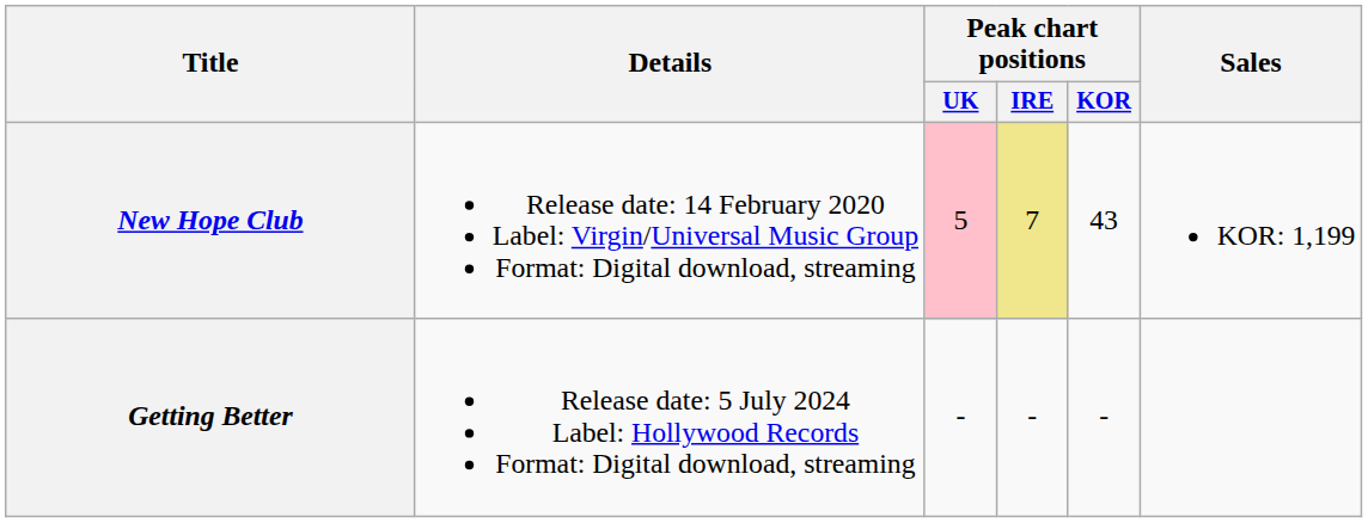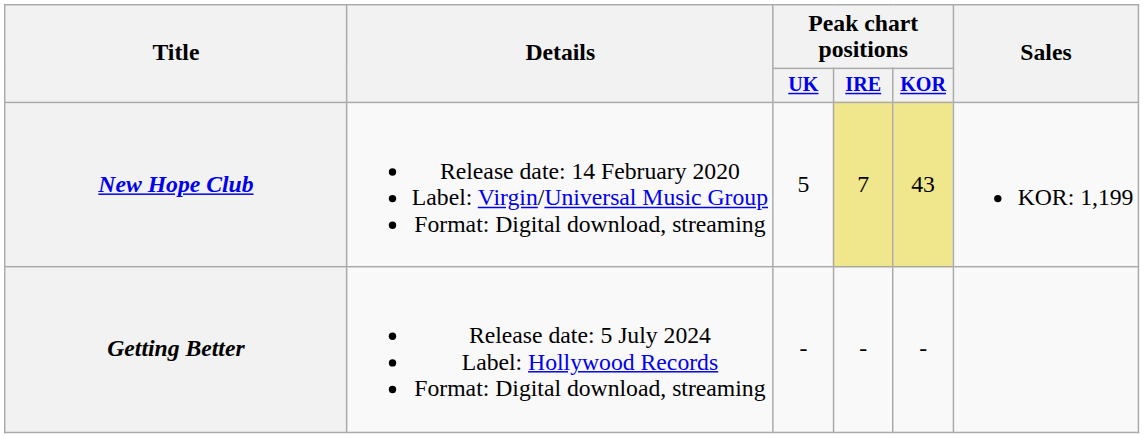 <table class="wikitable plainrowheaders" style="text-align:center;">
 <tr>
 <th scope="col" rowspan="2" style="width:14em;">Title</th>
 <th scope="col" rowspan="2">Details</th>
 <th scope="col" colspan="3">Peak chart positions</th>
 <th scope="col" rowspan="2">Sales</th>
 </tr>
 <tr>
 <th scope="col" style="width:2.5em;font-size:85%;"><a href='#'>UK</a><br></th>
 <th scope="col" style="width:2.5em;font-size:85%;"><a href='#'>IRE</a><br></th>
 <th scope="col" style="width:2.5em;font-size:85%;"><a href='#'>KOR</a><br></th>
 </tr>
 <tr>
 <th scope="row"><em><a href='#'>New Hope Club</a></em></th>
 <td><br><ul><li>Release date: 14 February 2020</li><li>Label: <a href='#'>Virgin</a>/<a href='#'>Universal Music Group</a></li><li>Format: Digital download, streaming</li></ul></td>
-<td style="background: pink;">5</td>
+<td>5</td>
 <td style="background: khaki;">7</td>
-<td>43</td>
+<td style="background: khaki;">43</td>
 <td><br><ul><li>KOR: 1,199</li></ul></td>
 </tr>
 <tr>
 <th scope="row"><em>Getting Better</em></th>
 <td><br><ul><li>Release date: 5 July 2024</li><li>Label: <a href='#'>Hollywood Records</a></li><li>Format: Digital download, streaming</li></ul></td>
 <td>-</td>
 <td>-</td>
 <td>-</td>
 <td></td>
 </tr>
 </table>
